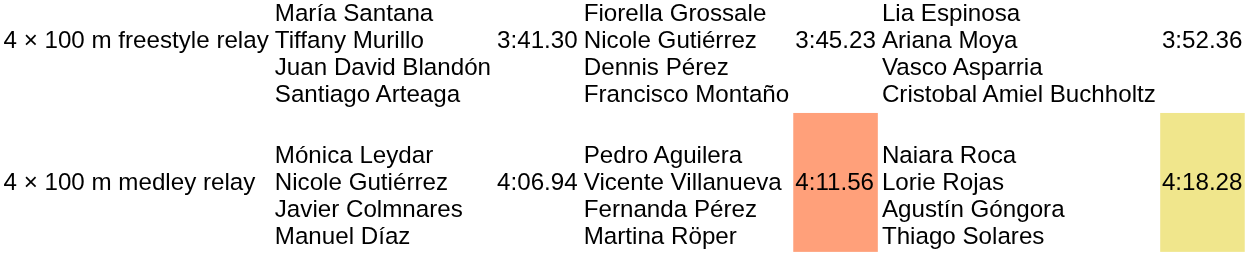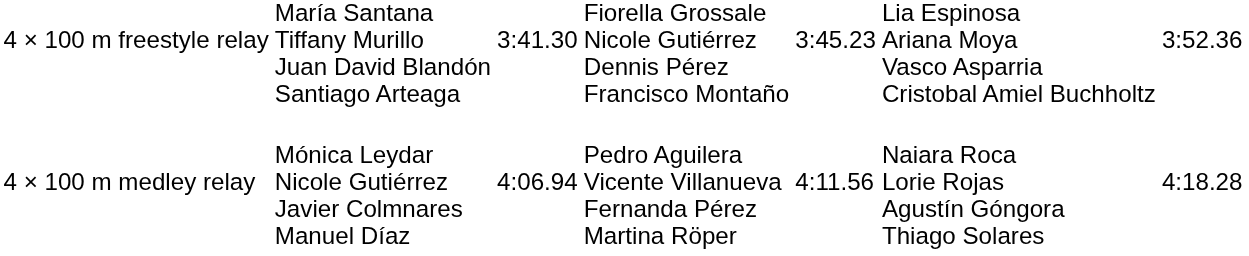 <table>
 <tr>
 <td>4 × 100 m freestyle relay</td>
 <td><br>María Santana<br>Tiffany Murillo<br>Juan David Blandón<br>Santiago Arteaga</td>
 <td>3:41.30</td>
 <td><br>Fiorella Grossale<br>Nicole Gutiérrez<br>Dennis Pérez<br>Francisco Montaño</td>
 <td>3:45.23</td>
 <td><br>Lia Espinosa<br>Ariana Moya<br>Vasco Asparria<br>Cristobal Amiel Buchholtz</td>
 <td>3:52.36</td>
 </tr>
 <tr>
 <td>4 × 100 m medley relay</td>
 <td><br>Mónica Leydar<br>Nicole Gutiérrez<br>Javier Colmnares<br>Manuel Díaz</td>
 <td>4:06.94</td>
 <td><br>Pedro Aguilera<br>Vicente Villanueva<br>Fernanda Pérez<br>Martina Röper</td>
-<td style="background: lightsalmon;">4:11.56</td>
+<td>4:11.56</td>
 <td><br>Naiara Roca<br>Lorie Rojas<br>Agustín Góngora<br>Thiago Solares</td>
-<td style="background: khaki;">4:18.28</td>
+<td>4:18.28</td>
 </tr>
 </table>
